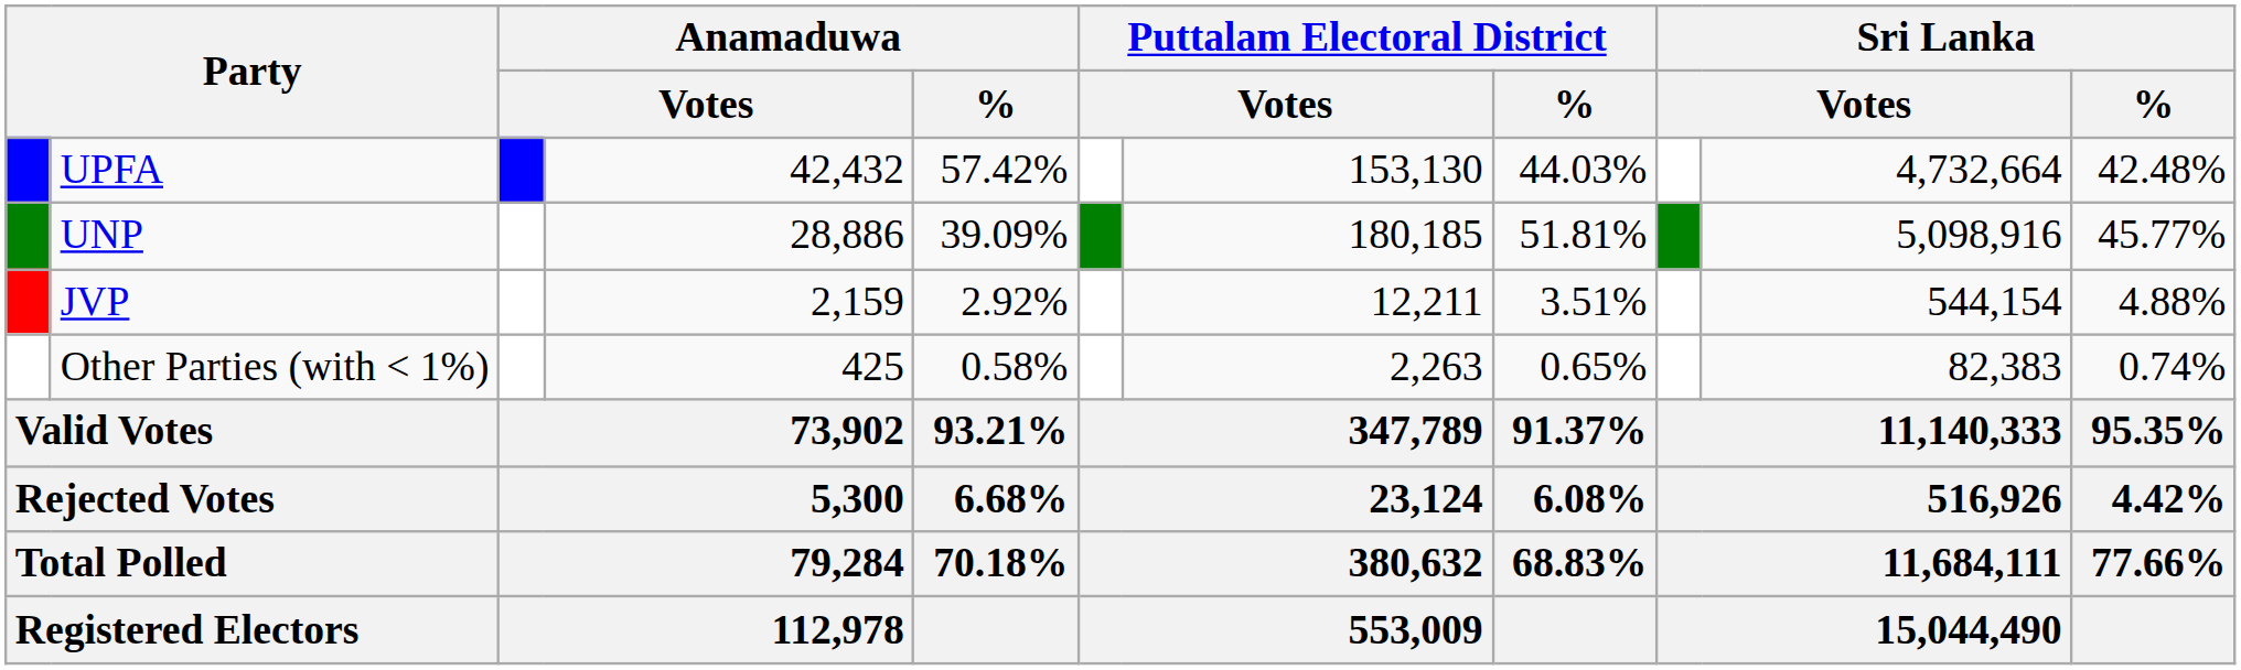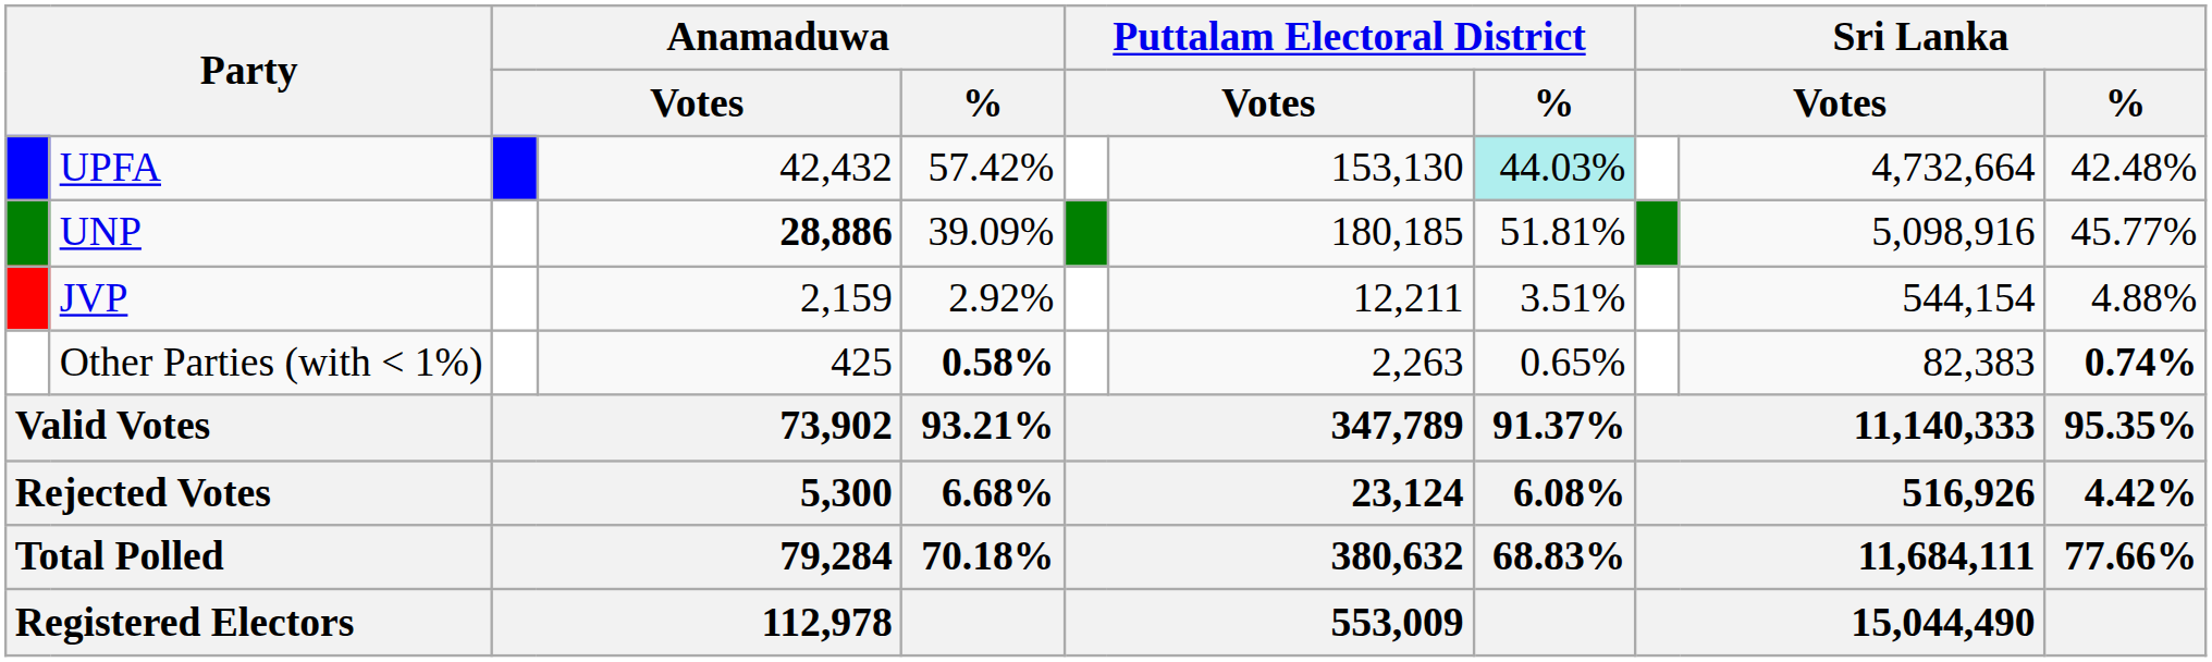 <table class="wikitable">
 <tr>
 <th colspan="2" width="144px"rowspan="2">Party</th>
 <th colspan="3" width="216px">Anamaduwa</th>
 <th colspan="3" width="216px"><a href='#'>Puttalam Electoral District</a></th>
 <th colspan="3" width="216px">Sri Lanka</th>
 </tr>
 <tr>
 <th colspan="2" width="144px">Votes</th>
 <th>%</th>
 <th colspan="2" width="144px">Votes</th>
 <th>%</th>
 <th colspan="2" width="144px">Votes</th>
 <th>%</th>
 </tr>
 <tr>
 <td style="background-color:blue;" width="10px"></td>
 <td style="text-align:left;"><a href='#'>UPFA</a></td>
 <td style="background-color:blue;" width="10px"></td>
 <td style="text-align:right;">42,432</td>
 <td style="text-align:right;">57.42%</td>
 <td style="background-color:white;" width="10px"></td>
 <td style="text-align:right;">153,130</td>
-<td style="text-align:right;">44.03%</td>
+<td style="background: paleturquoise; text-align:right;">44.03%</td>
 <td style="background-color:white;" width="10px"></td>
 <td style="text-align:right;">4,732,664</td>
 <td style="text-align:right;">42.48%</td>
 </tr>
 <tr>
 <td style="background-color:green;" width="10px"></td>
 <td style="text-align:left;"><a href='#'>UNP</a></td>
 <td style="background-color:white;" width="10px"></td>
-<td style="text-align:right;">28,886</td>
+<td style="text-align:right;"><strong>28,886</strong></td>
 <td style="text-align:right;">39.09%</td>
 <td style="background-color:green;" width="10px"></td>
 <td style="text-align:right;">180,185</td>
 <td style="text-align:right;">51.81%</td>
 <td style="background-color:green;" width="10px"></td>
 <td style="text-align:right;">5,098,916</td>
 <td style="text-align:right;">45.77%</td>
 </tr>
 <tr>
 <td style="background-color:red;" width="10px"></td>
 <td style="text-align:left;"><a href='#'>JVP</a></td>
 <td style="background-color:white;" width="10px"></td>
 <td style="text-align:right;">2,159</td>
 <td style="text-align:right;">2.92%</td>
 <td style="background-color:white;" width="10px"></td>
 <td style="text-align:right;">12,211</td>
 <td style="text-align:right;">3.51%</td>
 <td style="background-color:white;" width="10px"></td>
 <td style="text-align:right;">544,154</td>
 <td style="text-align:right;">4.88%</td>
 </tr>
 <tr>
 <td style="background-color:white;" width="10px"></td>
 <td style="text-align:left;">Other Parties (with < 1%)</td>
 <td style="background-color:white;" width="10px"></td>
 <td style="text-align:right;">425</td>
-<td style="text-align:right;">0.58%</td>
+<td style="text-align:right;"><strong>0.58%</strong></td>
 <td style="background-color:white;" width="10px"></td>
 <td style="text-align:right;">2,263</td>
 <td style="text-align:right;">0.65%</td>
 <td style="background-color:white;" width="10px"></td>
 <td style="text-align:right;">82,383</td>
-<td style="text-align:right;">0.74%</td>
+<td style="text-align:right;"><strong>0.74%</strong></td>
 </tr>
 <tr>
 <th colspan="2" width="144px"style="text-align:left;">Valid Votes</th>
 <th style="text-align:right;"colspan="2" width="144px">73,902</th>
 <th style="text-align:right;">93.21%</th>
 <th style="text-align:right;"colspan="2" width="144px">347,789</th>
 <th style="text-align:right;">91.37%</th>
 <th style="text-align:right;"colspan="2" width="144px">11,140,333</th>
 <th style="text-align:right;">95.35%</th>
 </tr>
 <tr>
 <th colspan="2" width="144px"style="text-align:left;">Rejected Votes</th>
 <th style="text-align:right;"colspan="2" width="144px">5,300</th>
 <th style="text-align:right;">6.68%</th>
 <th style="text-align:right;"colspan="2" width="144px">23,124</th>
 <th style="text-align:right;">6.08%</th>
 <th style="text-align:right;"colspan="2" width="144px">516,926</th>
 <th style="text-align:right;">4.42%</th>
 </tr>
 <tr>
 <th colspan="2" width="144px"style="text-align:left;">Total Polled</th>
 <th style="text-align:right;"colspan="2" width="144px">79,284</th>
 <th style="text-align:right;">70.18%</th>
 <th style="text-align:right;"colspan="2" width="144px">380,632</th>
 <th style="text-align:right;">68.83%</th>
 <th style="text-align:right;"colspan="2" width="144px">11,684,111</th>
 <th style="text-align:right;">77.66%</th>
 </tr>
 <tr>
 <th colspan="2" width="144px"style="text-align:left;">Registered Electors</th>
 <th style="text-align:right;"colspan="2" width="144px">112,978</th>
 <th></th>
 <th style="text-align:right;"colspan="2" width="144px">553,009</th>
 <th></th>
 <th style="text-align:right;"colspan="2" width="144px">15,044,490</th>
 <th></th>
 </tr>
 </table>
